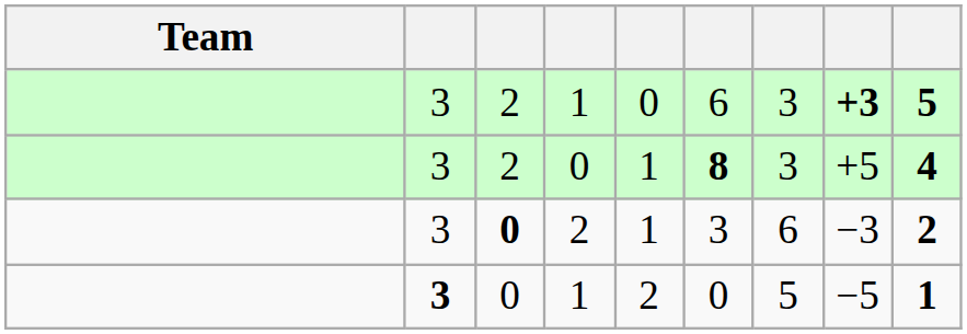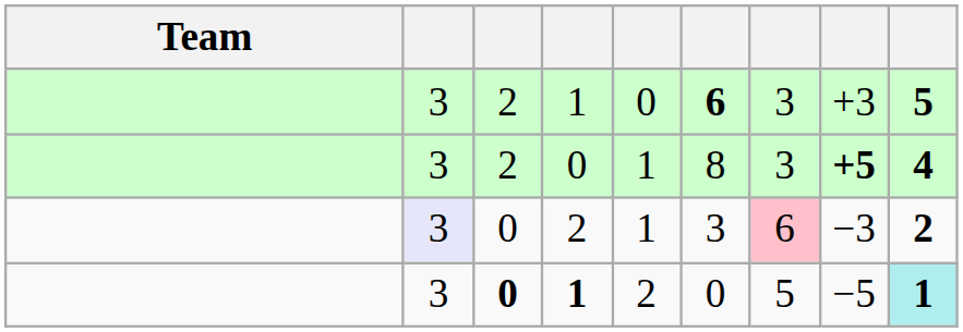 <table class="wikitable" style="text-align:center">
 <tr>
 <th width=150>Team</th>
 <th width=20></th>
 <th width=20></th>
 <th width=20></th>
 <th width=20></th>
 <th width=20></th>
 <th width=20></th>
 <th width=20></th>
 <th width=20></th>
 </tr>
 <tr bgcolor="#ccffcc">
 <td align=left></td>
 <td>3</td>
 <td>2</td>
 <td>1</td>
 <td>0</td>
-<td>6</td>
+<td><strong>6</strong></td>
 <td>3</td>
-<td><strong>+3</strong></td>
+<td>+3</td>
 <td><strong>5</strong></td>
 </tr>
 <tr bgcolor="#ccffcc">
 <td align=left></td>
 <td>3</td>
 <td>2</td>
 <td>0</td>
 <td>1</td>
-<td><strong>8</strong></td>
+<td>8</td>
 <td>3</td>
-<td>+5</td>
+<td><strong>+5</strong></td>
 <td><strong>4</strong></td>
+</tr>
+<tr>
+<td align=left></td>
+<td style="background: lavender;">3</td>
+<td>0</td>
+<td>2</td>
+<td>1</td>
+<td>3</td>
+<td style="background: pink;">6</td>
+<td>−3</td>
+<td><strong>2</strong></td>
 </tr>
 <tr>
 <td align=left></td>
 <td>3</td>
 <td><strong>0</strong></td>
-<td>2</td>
-<td>1</td>
-<td>3</td>
-<td>6</td>
-<td>−3</td>
-<td><strong>2</strong></td>
-</tr>
-<tr>
-<td align=left></td>
-<td><strong>3</strong></td>
-<td>0</td>
-<td>1</td>
+<td><strong>1</strong></td>
 <td>2</td>
 <td>0</td>
 <td>5</td>
 <td>−5</td>
-<td><strong>1</strong></td>
+<td style="background: paleturquoise;"><strong>1</strong></td>
 </tr>
 </table>
